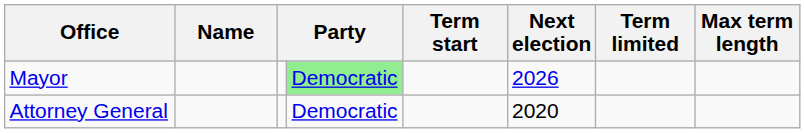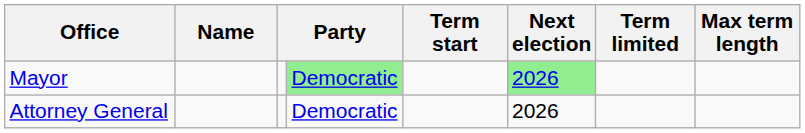 <table class="sortable wikitable">
 <tr>
 <th scope="col" width=190>Office</th>
 <th scope="col" width=100>Name</th>
 <th scope="col" width=75 colspan=2>Party</th>
 <th scope="col" width=110>Term start</th>
 <th scope="col" width=50>Next election</th>
 <th scope="col" width=85>Term limited</th>
 <th scope="col" width=100>Max term length</th>
 </tr>
 <tr>
 <td><a href='#'>Mayor</a></td>
 <td></td>
 <td style="background-color:"></td>
 <td style="background: lightgreen;"><a href='#'>Democratic</a></td>
 <td></td>
-<td><a href='#'>2026</a></td>
+<td style="background: lightgreen;"><a href='#'>2026</a></td>
 <td></td>
 <td></td>
 </tr>
 <tr>
 <td><a href='#'>Attorney General</a></td>
 <td></td>
 <td style="background-color:"></td>
 <td><a href='#'>Democratic</a></td>
 <td></td>
-<td>2020</td>
+<td>2026</td>
 <td></td>
 <td></td>
 </tr>
 </table>
